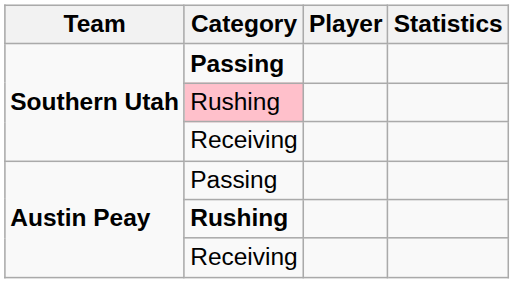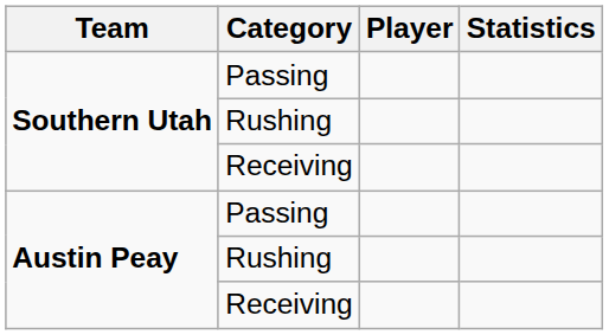 <table class="wikitable" style="float: right;">
 <tr>
 <th>Team</th>
 <th>Category</th>
 <th>Player</th>
 <th>Statistics</th>
 </tr>
 <tr>
 <td rowspan=3><strong>Southern Utah</strong></td>
-<td><strong>Passing</strong></td>
+<td>Passing</td>
 <td></td>
 <td></td>
 </tr>
 <tr>
-<td style="background: pink;">Rushing</td>
+<td>Rushing</td>
 <td></td>
 <td></td>
 </tr>
 <tr>
 <td>Receiving</td>
 <td></td>
 <td></td>
 </tr>
 <tr>
 <td rowspan=3><strong>Austin Peay</strong></td>
 <td>Passing</td>
 <td></td>
 <td></td>
 </tr>
 <tr>
-<td><strong>Rushing</strong></td>
+<td>Rushing</td>
 <td></td>
 <td></td>
 </tr>
 <tr>
 <td>Receiving</td>
 <td></td>
 <td></td>
 </tr>
 </table>
